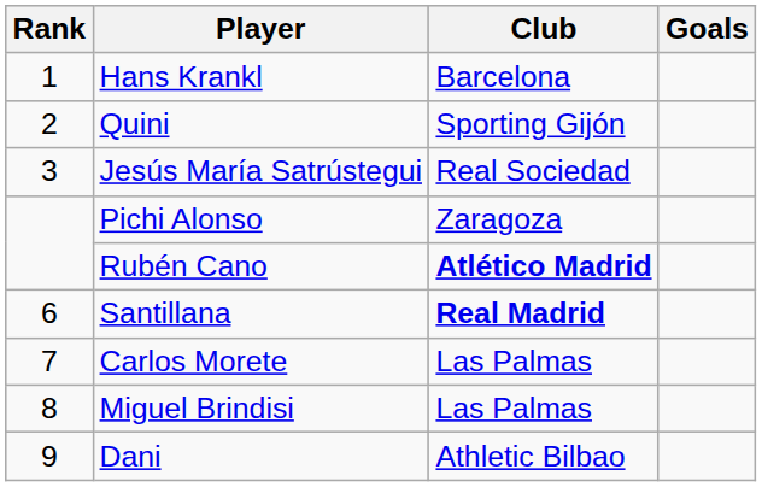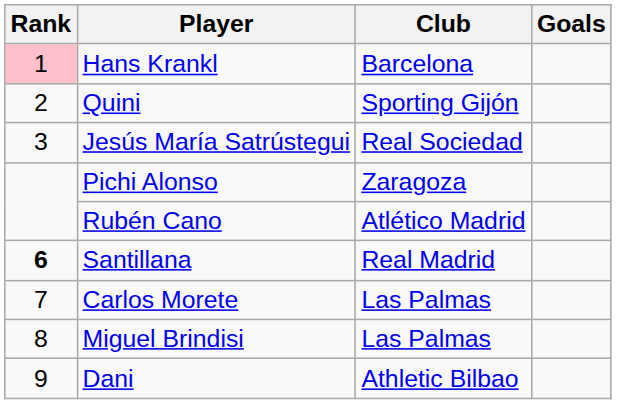 <table class="wikitable">
 <tr>
 <th>Rank</th>
 <th>Player</th>
 <th>Club</th>
 <th>Goals</th>
 </tr>
 <tr>
-<td align="center">1</td>
+<td align="center" style="background: pink;">1</td>
 <td> <a href='#'>Hans Krankl</a></td>
 <td><a href='#'>Barcelona</a></td>
 <td></td>
 </tr>
 <tr>
 <td align="center">2</td>
 <td> <a href='#'>Quini</a></td>
 <td><a href='#'>Sporting Gijón</a></td>
 <td></td>
 </tr>
 <tr>
 <td align="center">3</td>
 <td> <a href='#'>Jesús María Satrústegui</a></td>
 <td><a href='#'>Real Sociedad</a></td>
 <td></td>
 </tr>
 <tr>
 <td rowspan="2"></td>
 <td> <a href='#'>Pichi Alonso</a></td>
 <td><a href='#'>Zaragoza</a></td>
 <td></td>
 </tr>
 <tr>
 <td> <a href='#'>Rubén Cano</a></td>
-<td><strong><a href='#'>Atlético Madrid</a></strong></td>
+<td><a href='#'>Atlético Madrid</a></td>
 <td></td>
 </tr>
 <tr>
-<td align="center">6</td>
+<td align="center"><strong>6</strong></td>
 <td> <a href='#'>Santillana</a></td>
-<td><strong><a href='#'>Real Madrid</a></strong></td>
+<td><a href='#'>Real Madrid</a></td>
 <td></td>
 </tr>
 <tr>
 <td align="center">7</td>
 <td> <a href='#'>Carlos Morete</a></td>
 <td><a href='#'>Las Palmas</a></td>
 <td></td>
 </tr>
 <tr>
 <td align="center">8</td>
 <td> <a href='#'>Miguel Brindisi</a></td>
 <td><a href='#'>Las Palmas</a></td>
 <td></td>
 </tr>
 <tr>
 <td align="center">9</td>
 <td> <a href='#'>Dani</a></td>
 <td><a href='#'>Athletic Bilbao</a></td>
 <td></td>
 </tr>
 </table>
